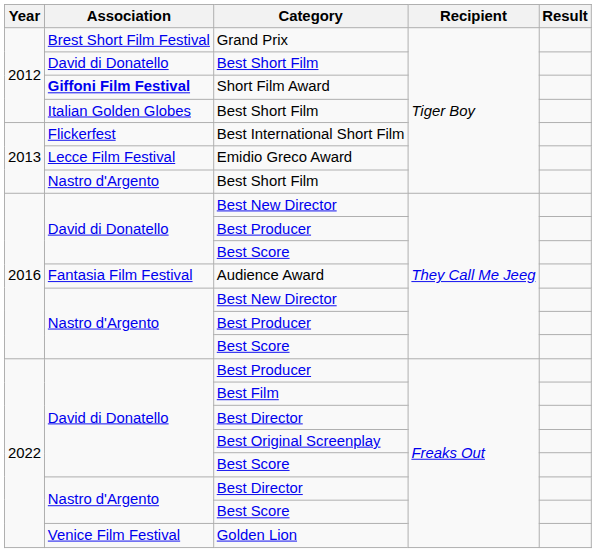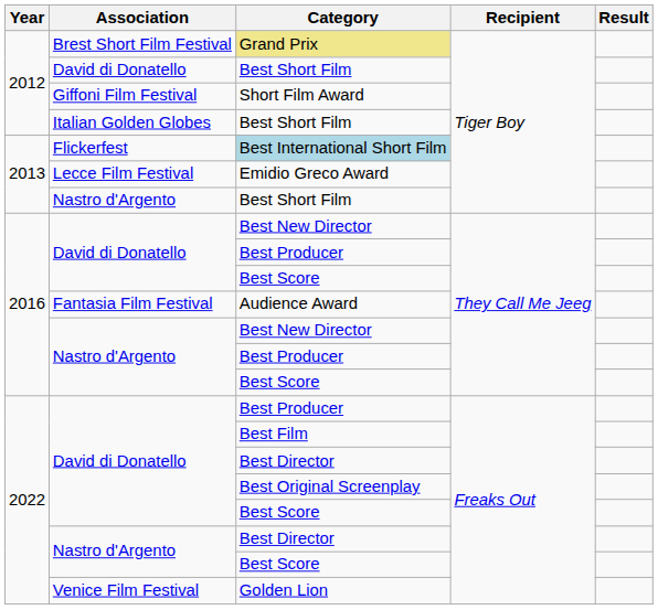 <table class="wikitable sortable">
 <tr>
 <th>Year</th>
 <th>Association</th>
 <th>Category</th>
 <th>Recipient</th>
 <th>Result</th>
 </tr>
 <tr>
 <td rowspan="4">2012</td>
 <td><a href='#'>Brest Short Film Festival</a></td>
-<td>Grand Prix</td>
+<td style="background: khaki;">Grand Prix</td>
 <td rowspan="7"><em>Tiger Boy</em></td>
 <td></td>
 </tr>
 <tr>
 <td><a href='#'>David di Donatello</a></td>
 <td><a href='#'>Best Short Film</a></td>
 <td></td>
 </tr>
 <tr>
-<td><strong><a href='#'>Giffoni Film Festival</a></strong></td>
+<td><a href='#'>Giffoni Film Festival</a></td>
 <td>Short Film Award</td>
 <td></td>
 </tr>
 <tr>
 <td><a href='#'>Italian Golden Globes</a></td>
 <td>Best Short Film</td>
 <td></td>
 </tr>
 <tr>
 <td rowspan="3">2013</td>
 <td><a href='#'>Flickerfest</a></td>
-<td>Best International Short Film</td>
+<td style="background: lightblue;">Best International Short Film</td>
 <td></td>
 </tr>
 <tr>
 <td><a href='#'>Lecce Film Festival</a></td>
 <td>Emidio Greco Award</td>
 <td></td>
 </tr>
 <tr>
 <td><a href='#'>Nastro d'Argento</a></td>
 <td>Best Short Film</td>
 <td></td>
 </tr>
 <tr>
 <td rowspan="7">2016</td>
 <td rowspan="3"><a href='#'>David di Donatello</a></td>
 <td><a href='#'>Best New Director</a></td>
 <td rowspan="7"><em><a href='#'>They Call Me Jeeg</a></em></td>
 <td></td>
 </tr>
 <tr>
 <td><a href='#'>Best Producer</a></td>
 <td></td>
 </tr>
 <tr>
 <td><a href='#'>Best Score</a></td>
 <td></td>
 </tr>
 <tr>
 <td><a href='#'>Fantasia Film Festival</a></td>
 <td>Audience Award</td>
 <td></td>
 </tr>
 <tr>
 <td rowspan="3"><a href='#'>Nastro d'Argento</a></td>
 <td><a href='#'>Best New Director</a></td>
 <td></td>
 </tr>
 <tr>
 <td><a href='#'>Best Producer</a></td>
 <td></td>
 </tr>
 <tr>
 <td><a href='#'>Best Score</a></td>
 <td></td>
 </tr>
 <tr>
 <td rowspan="8">2022</td>
 <td rowspan="5"><a href='#'>David di Donatello</a></td>
 <td><a href='#'>Best Producer</a></td>
 <td rowspan="8"><em><a href='#'>Freaks Out</a></em></td>
 <td></td>
 </tr>
 <tr>
 <td><a href='#'>Best Film</a></td>
 <td></td>
 </tr>
 <tr>
 <td><a href='#'>Best Director</a></td>
 <td></td>
 </tr>
 <tr>
 <td><a href='#'>Best Original Screenplay</a></td>
 <td></td>
 </tr>
 <tr>
 <td><a href='#'>Best Score</a></td>
 <td></td>
 </tr>
 <tr>
 <td rowspan="2"><a href='#'>Nastro d'Argento</a></td>
 <td><a href='#'>Best Director</a></td>
 <td></td>
 </tr>
 <tr>
 <td><a href='#'>Best Score</a></td>
 <td></td>
 </tr>
 <tr>
 <td><a href='#'>Venice Film Festival</a></td>
 <td><a href='#'>Golden Lion</a></td>
 <td></td>
 </tr>
 </table>
